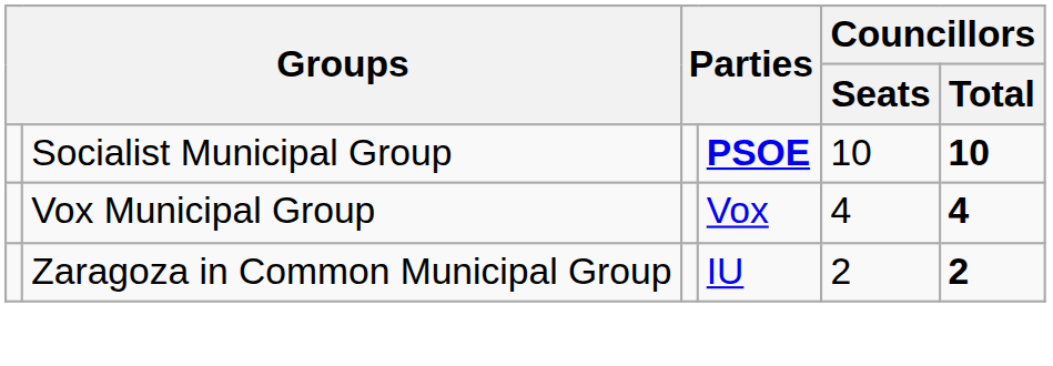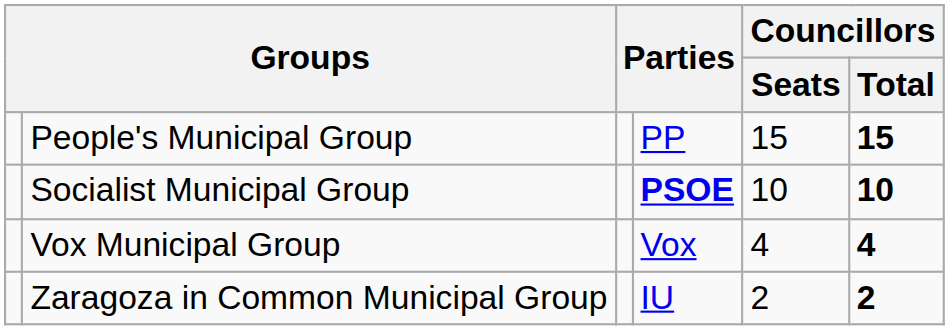 <table class="wikitable" style="text-align:left;">
 <tr>
 <th rowspan="2" colspan="2">Groups</th>
 <th rowspan="2" colspan="2">Parties</th>
 <th colspan="2">Councillors</th>
 </tr>
 <tr>
 <th>Seats</th>
 <th>Total</th>
+</tr>
+<tr>
+<td width="1" style="color:inherit;background:"></td>
+<td>People's Municipal Group</td>
+<td width="1" style="color:inherit;background:"></td>
+<td><a href='#'>PP</a></td>
+<td>15</td>
+<td><strong>15</strong></td>
 </tr>
 <tr>
 <td style="color:inherit;background:"></td>
 <td>Socialist Municipal Group</td>
 <td style="color:inherit;background:"></td>
 <td><strong><a href='#'>PSOE</a></strong></td>
 <td>10</td>
 <td><strong>10</strong></td>
 </tr>
 <tr>
 <td style="color:inherit;background:"></td>
 <td>Vox Municipal Group</td>
 <td style="color:inherit;background:"></td>
 <td><a href='#'>Vox</a></td>
 <td>4</td>
 <td><strong>4</strong></td>
 </tr>
 <tr>
 <td style="color:inherit;background:"></td>
 <td>Zaragoza in Common Municipal Group</td>
 <td style="color:inherit;background:"></td>
 <td><a href='#'>IU</a></td>
 <td>2</td>
 <td><strong>2</strong></td>
 </tr>
 </table>
